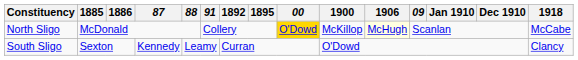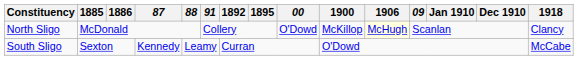 <table class="wikitable">
 <tr>
 <th>Constituency</th>
 <th>1885</th>
 <th>1886</th>
 <th><em>87</em></th>
 <th><em>88</em></th>
 <th><em>91</em></th>
 <th>1892</th>
 <th>1895</th>
 <th><em>00</em></th>
 <th>1900</th>
 <th>1906</th>
 <th><em>09</em></th>
 <th>Jan 1910</th>
 <th>Dec 1910</th>
 <th>1918</th>
 </tr>
 <tr>
 <td><a href='#'>North Sligo</a></td>
 <td colspan="4"><a href='#'>McDonald</a></td>
 <td colspan="3"><a href='#'>Collery</a></td>
-<td style="background: gold;"><a href='#'>O'Dowd</a></td>
+<td><a href='#'>O'Dowd</a></td>
 <td><a href='#'>McKillop</a></td>
 <td style="background: lightyellow;"><a href='#'>McHugh</a></td>
 <td colspan="3"><a href='#'>Scanlan</a></td>
-<td><a href='#'>McCabe</a></td>
+<td><a href='#'>Clancy</a></td>
 </tr>
 <tr>
 <td><a href='#'>South Sligo</a></td>
 <td colspan="2"><a href='#'>Sexton</a></td>
 <td><a href='#'>Kennedy</a></td>
 <td colspan="2"><a href='#'>Leamy</a></td>
 <td colspan="3"><a href='#'>Curran</a></td>
 <td colspan="5"><a href='#'>O'Dowd</a></td>
-<td><a href='#'>Clancy</a></td>
+<td><a href='#'>McCabe</a></td>
 </tr>
 </table>
